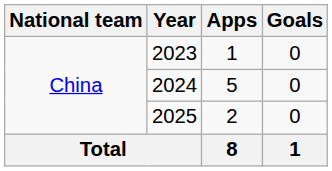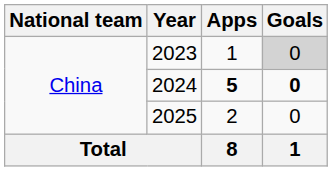 <table class="wikitable" style="text-align:center">
 <tr>
 <th>National team</th>
 <th>Year</th>
 <th>Apps</th>
 <th>Goals</th>
 </tr>
 <tr>
 <td rowspan="3"><a href='#'>China</a></td>
 <td>2023</td>
 <td>1</td>
-<td>0</td>
+<td style="background: lightgrey;">0</td>
 </tr>
 <tr>
 <td>2024</td>
-<td>5</td>
-<td>0</td>
+<td><strong>5</strong></td>
+<td><strong>0</strong></td>
 </tr>
 <tr>
 <td>2025</td>
 <td>2</td>
 <td>0</td>
 </tr>
 <tr>
 <th colspan="2">Total</th>
 <th>8</th>
 <th>1</th>
 </tr>
 </table>
